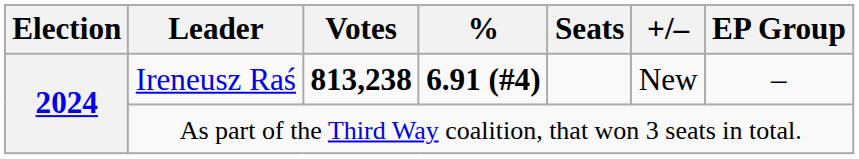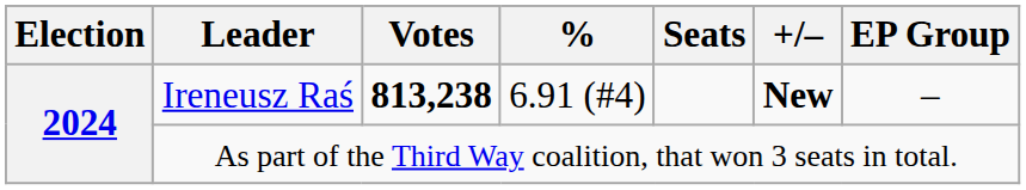 <table class=wikitable style="text-align:center;">
 <tr>
 <th>Election</th>
 <th>Leader</th>
 <th>Votes</th>
 <th>%</th>
 <th>Seats</th>
 <th>+/–</th>
 <th>EP Group</th>
 </tr>
 <tr>
 <th rowspan="2"><a href='#'>2024</a></th>
 <td><a href='#'>Ireneusz Raś</a></td>
 <td><strong>813,238</strong></td>
-<td><strong>6.91 (#4)</strong></td>
+<td>6.91 (#4)</td>
 <td></td>
-<td>New</td>
+<td><strong>New</strong></td>
 <td>–</td>
 </tr>
 <tr>
 <td colspan="6"><small>As part of the <a href='#'>Third Way</a> coalition, that won 3 seats in total.</small></td>
 </tr>
 </table>
